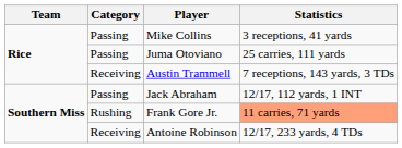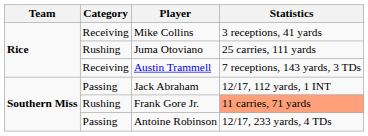 <table class="wikitable" style="float: left;">
 <tr>
 <th>Team</th>
 <th>Category</th>
 <th>Player</th>
 <th>Statistics</th>
 </tr>
 <tr>
 <td rowspan=3><strong>Rice</strong></td>
-<td>Passing</td>
+<td>Receiving</td>
 <td>Mike Collins</td>
 <td>3 receptions, 41 yards</td>
 </tr>
 <tr>
-<td>Passing</td>
+<td>Rushing</td>
 <td>Juma Otoviano</td>
 <td>25 carries, 111 yards</td>
 </tr>
 <tr>
 <td>Receiving</td>
 <td><a href='#'>Austin Trammell</a></td>
 <td>7 receptions, 143 yards, 3 TDs</td>
 </tr>
 <tr>
 <td rowspan=3><strong>Southern Miss</strong></td>
 <td>Passing</td>
 <td>Jack Abraham</td>
 <td>12/17, 112 yards, 1 INT</td>
 </tr>
 <tr>
 <td>Rushing</td>
 <td>Frank Gore Jr.</td>
 <td style="background: lightsalmon;">11 carries, 71 yards</td>
 </tr>
 <tr>
-<td>Receiving</td>
+<td>Passing</td>
 <td>Antoine Robinson</td>
 <td>12/17, 233 yards, 4 TDs</td>
 </tr>
 </table>
